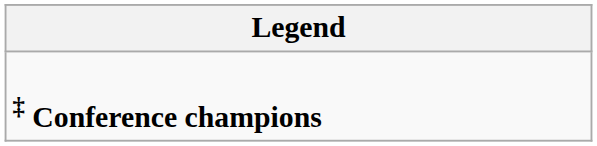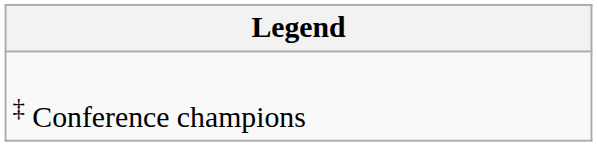 <table class="wikitable" style="margin:1em auto; width:25%;">
 <tr>
 <th colspan=2>Legend</th>
 </tr>
 <tr>
-<td><strong><br> <sup>‡</sup> Conference champions</strong></td>
+<td><br> <sup>‡</sup> Conference champions</td>
 </tr>
 </table>
